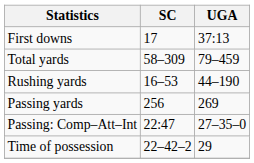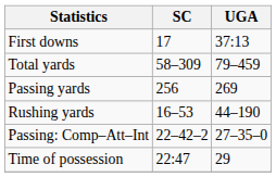 <table class="wikitable" style="float: left;">
 <tr>
 <th>Statistics</th>
 <th>SC</th>
 <th>UGA</th>
 </tr>
 <tr>
 <td>First downs</td>
 <td>17</td>
 <td>37:13</td>
 </tr>
 <tr>
 <td>Total yards</td>
 <td>58–309</td>
 <td>79–459</td>
 </tr>
 <tr>
+<td>Passing yards</td>
+<td>256</td>
+<td>269</td>
+</tr>
+<tr>
 <td>Rushing yards</td>
 <td>16–53</td>
 <td>44–190</td>
 </tr>
 <tr>
-<td>Passing yards</td>
-<td>256</td>
-<td>269</td>
-</tr>
-<tr>
 <td>Passing: Comp–Att–Int</td>
-<td>22:47</td>
+<td>22–42–2</td>
 <td>27–35–0</td>
 </tr>
 <tr>
 <td>Time of possession</td>
-<td>22–42–2</td>
+<td>22:47</td>
 <td>29</td>
 </tr>
 <tr>
 </tr>
 </table>
